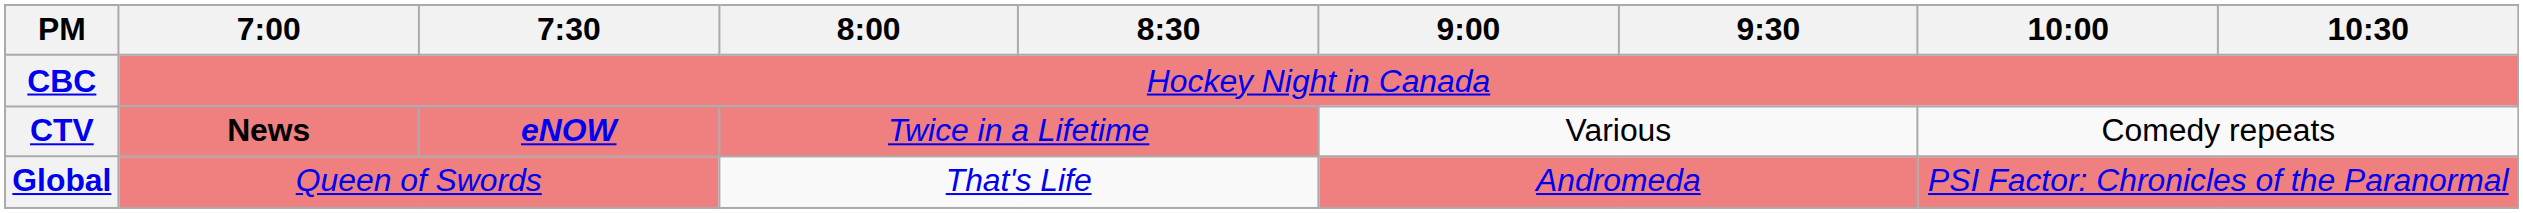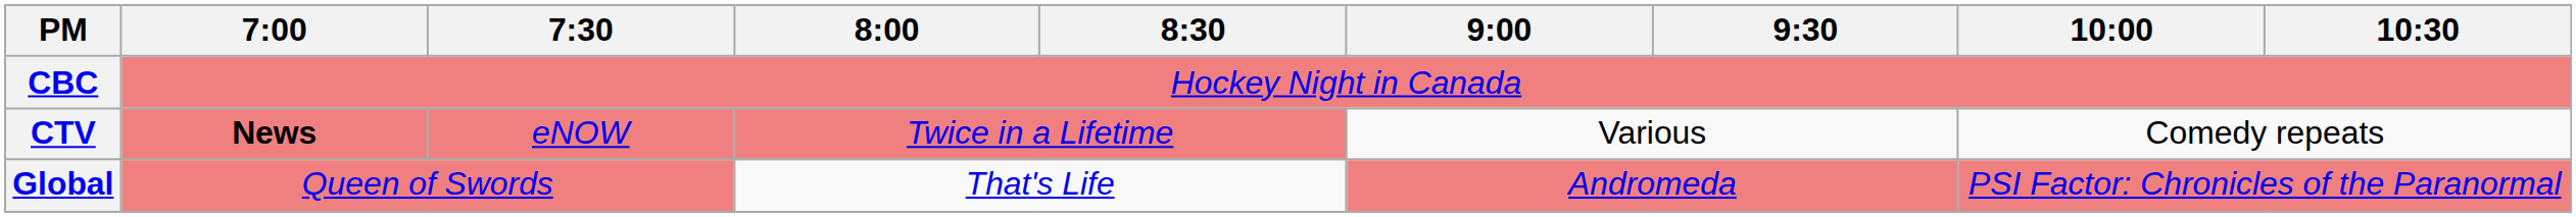 <table class="wikitable" width="100%">
 <tr>
 <th width="4%">PM</th>
 <th width="12%">7:00</th>
 <th width="12%">7:30</th>
 <th width="12%">8:00</th>
 <th width="12%">8:30</th>
 <th width="12%">9:00</th>
 <th width="12%">9:30</th>
 <th width="12%">10:00</th>
 <th width="12%">10:30</th>
 </tr>
 <tr align="center">
 <th><a href='#'>CBC</a></th>
 <td colspan="8" align="center" bgcolor="#F08080"><em><a href='#'>Hockey Night in Canada</a></em></td>
 </tr>
 <tr align="center">
 <th><a href='#'>CTV</a></th>
 <td colspan="1" align="center" bgcolor="#F08080"><strong>News</strong></td>
-<td colspan="1" align="center" bgcolor="#F08080"><strong><em><a href='#'>eNOW</a></em></strong></td>
+<td colspan="1" align="center" bgcolor="#F08080"><em><a href='#'>eNOW</a></em></td>
 <td colspan="2" align="center" bgcolor="#F08080"><em><a href='#'>Twice in a Lifetime</a></em></td>
 <td colspan="2" align="center">Various</td>
 <td colspan="2" align="center">Comedy repeats</td>
 </tr>
 <tr align="center">
 <th><a href='#'>Global</a></th>
 <td colspan="2" align="center" bgcolor="#F08080"><em><a href='#'>Queen of Swords</a></em></td>
 <td colspan="2" align="center"><em><a href='#'>That's Life</a></em></td>
 <td colspan="2" align="center" bgcolor="#F08080"><em><a href='#'>Andromeda</a></em></td>
 <td colspan="2" align="center" bgcolor="#F08080"><em><a href='#'>PSI Factor: Chronicles of the Paranormal</a></em></td>
 </tr>
 </table>
